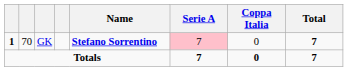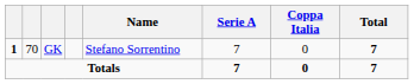 <table class="wikitable" style="text-align:center">
 <tr>
 <th width=15></th>
 <th width=15></th>
 <th width=15></th>
 <th width=15></th>
 <th width=145>Name</th>
 <th width=80><strong><a href='#'>Serie A</a></strong></th>
 <th width=80><strong><a href='#'>Coppa Italia</a></strong></th>
 <th width=80>Total</th>
 </tr>
 <tr>
 <td><strong>1</strong></td>
 <td>70</td>
 <td><a href='#'>GK</a></td>
 <td></td>
-<td align=left><strong><a href='#'>Stefano Sorrentino</a></strong></td>
-<td style="background: pink;">7</td>
+<td align=left><a href='#'>Stefano Sorrentino</a></td>
+<td>7</td>
 <td>0</td>
 <td><strong>7</strong></td>
 </tr>
 <tr>
 <td colspan=5><strong>Totals</strong></td>
 <td><strong>7</strong></td>
 <td><strong>0</strong></td>
 <td><strong>7</strong></td>
 </tr>
 </table>
